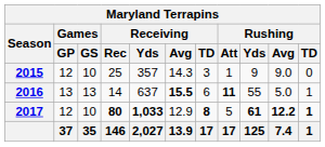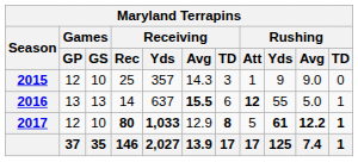 <table class="wikitable" style="text-align:center;">
 <tr>
 <th colspan="15">Maryland Terrapins</th>
 </tr>
 <tr>
 <th rowspan="2">Season</th>
 <th colspan="2">Games</th>
 <th colspan="4">Receiving</th>
 <th colspan="4">Rushing</th>
 </tr>
 <tr>
 <th>GP</th>
 <th>GS</th>
 <th>Rec</th>
 <th>Yds</th>
 <th>Avg</th>
 <th>TD</th>
 <th>Att</th>
 <th>Yds</th>
 <th>Avg</th>
 <th>TD</th>
 </tr>
 <tr>
 <th><a href='#'>2015</a></th>
 <td>12</td>
 <td>10</td>
 <td>25</td>
 <td>357</td>
 <td>14.3</td>
 <td>3</td>
 <td>1</td>
 <td>9</td>
 <td>9.0</td>
 <td>0</td>
 </tr>
 <tr>
 <th><a href='#'>2016</a></th>
 <td>13</td>
 <td>13</td>
 <td>14</td>
 <td>637</td>
 <td><strong>15.5</strong></td>
 <td>6</td>
-<td><strong>11</strong></td>
+<td><strong>12</strong></td>
 <td>55</td>
 <td>5.0</td>
 <td>1</td>
 </tr>
 <tr>
 <th><a href='#'>2017</a></th>
 <td>12</td>
 <td>10</td>
 <td><strong>80</strong></td>
 <td><strong>1,033</strong></td>
 <td>12.9</td>
 <td><strong>8</strong></td>
 <td>5</td>
 <td><strong>61</strong></td>
 <td><strong>12.2</strong></td>
 <td><strong>1</strong></td>
 </tr>
 <tr>
 <th></th>
 <th>37</th>
 <th>35</th>
 <th>146</th>
 <th>2,027</th>
 <th>13.9</th>
 <th>17</th>
 <th>17</th>
 <th>125</th>
 <th>7.4</th>
 <th>1</th>
 </tr>
 </table>
